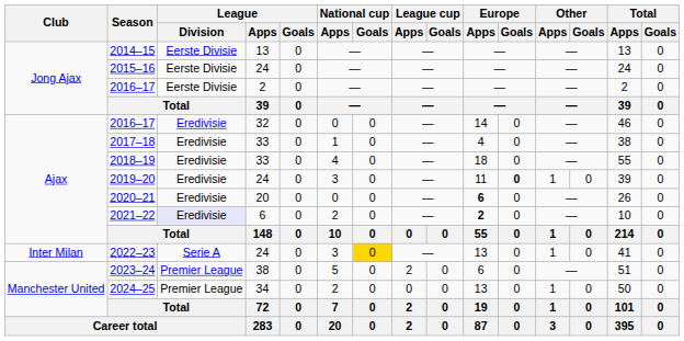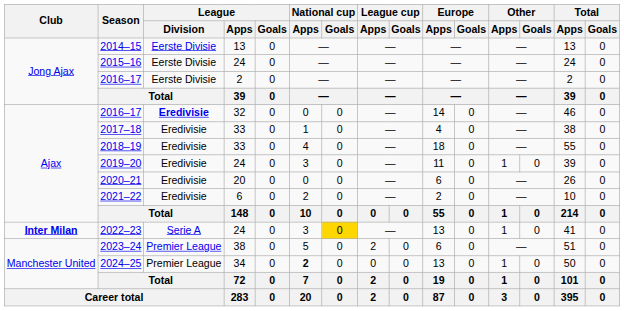 <table class="wikitable" style="text-align:center">
 <tr>
 <th rowspan="2">Club</th>
 <th rowspan="2">Season</th>
 <th colspan="3">League</th>
 <th colspan="2">National cup</th>
 <th colspan="2">League cup</th>
 <th colspan="2">Europe</th>
 <th colspan="2">Other</th>
 <th colspan="2">Total</th>
 </tr>
 <tr>
 <th>Division</th>
 <th>Apps</th>
 <th>Goals</th>
 <th>Apps</th>
 <th>Goals</th>
 <th>Apps</th>
 <th>Goals</th>
 <th>Apps</th>
 <th>Goals</th>
 <th>Apps</th>
 <th>Goals</th>
 <th>Apps</th>
 <th>Goals</th>
 </tr>
 <tr>
 <td rowspan="4"><a href='#'>Jong Ajax</a></td>
 <td><a href='#'>2014–15</a></td>
 <td><a href='#'>Eerste Divisie</a></td>
 <td>13</td>
 <td>0</td>
 <td colspan="2">—</td>
 <td colspan="2">—</td>
 <td colspan="2">—</td>
 <td colspan="2">—</td>
 <td>13</td>
 <td>0</td>
 </tr>
 <tr>
 <td><a href='#'>2015–16</a></td>
 <td>Eerste Divisie</td>
 <td>24</td>
 <td>0</td>
 <td colspan="2">—</td>
 <td colspan="2">—</td>
 <td colspan="2">—</td>
 <td colspan="2">—</td>
 <td>24</td>
 <td>0</td>
 </tr>
 <tr>
 <td><a href='#'>2016–17</a></td>
 <td>Eerste Divisie</td>
 <td>2</td>
 <td>0</td>
 <td colspan="2">—</td>
 <td colspan="2">—</td>
 <td colspan="2">—</td>
 <td colspan="2">—</td>
 <td>2</td>
 <td>0</td>
 </tr>
 <tr>
 <th colspan="2">Total</th>
 <th>39</th>
 <th>0</th>
 <th colspan="2">—</th>
 <th colspan="2">—</th>
 <th colspan="2">—</th>
 <th colspan="2">—</th>
 <th>39</th>
 <th>0</th>
 </tr>
 <tr>
 <td rowspan="7"><a href='#'>Ajax</a></td>
 <td><a href='#'>2016–17</a></td>
-<td><a href='#'>Eredivisie</a></td>
+<td><strong><a href='#'>Eredivisie</a></strong></td>
 <td>32</td>
 <td>0</td>
 <td>0</td>
 <td>0</td>
 <td colspan="2">—</td>
 <td>14</td>
 <td>0</td>
 <td colspan="2">—</td>
 <td>46</td>
 <td>0</td>
 </tr>
 <tr>
 <td><a href='#'>2017–18</a></td>
 <td>Eredivisie</td>
 <td>33</td>
 <td>0</td>
 <td>1</td>
 <td>0</td>
 <td colspan="2">—</td>
 <td>4</td>
 <td>0</td>
 <td colspan="2">—</td>
 <td>38</td>
 <td>0</td>
 </tr>
 <tr>
 <td><a href='#'>2018–19</a></td>
 <td>Eredivisie</td>
 <td>33</td>
 <td>0</td>
 <td>4</td>
 <td>0</td>
 <td colspan="2">—</td>
 <td>18</td>
 <td>0</td>
 <td colspan="2">—</td>
 <td>55</td>
 <td>0</td>
 </tr>
 <tr>
 <td><a href='#'>2019–20</a></td>
 <td>Eredivisie</td>
 <td>24</td>
 <td>0</td>
 <td>3</td>
 <td>0</td>
 <td colspan="2">—</td>
 <td>11</td>
-<td><strong>0</strong></td>
+<td>0</td>
 <td>1</td>
 <td>0</td>
 <td>39</td>
 <td>0</td>
 </tr>
 <tr>
 <td><a href='#'>2020–21</a></td>
 <td>Eredivisie</td>
 <td>20</td>
 <td>0</td>
 <td>0</td>
 <td>0</td>
 <td colspan="2">—</td>
-<td><strong>6</strong></td>
+<td>6</td>
 <td>0</td>
 <td colspan="2">—</td>
 <td>26</td>
 <td>0</td>
 </tr>
 <tr>
 <td><a href='#'>2021–22</a></td>
-<td style="background: lavender;">Eredivisie</td>
+<td>Eredivisie</td>
 <td>6</td>
 <td>0</td>
 <td>2</td>
 <td>0</td>
 <td colspan="2">—</td>
-<td><strong>2</strong></td>
+<td>2</td>
 <td>0</td>
 <td colspan="2">—</td>
 <td>10</td>
 <td>0</td>
 </tr>
 <tr>
 <th colspan="2">Total</th>
 <th>148</th>
 <th>0</th>
 <th>10</th>
 <th>0</th>
 <th>0</th>
 <th>0</th>
 <th>55</th>
 <th>0</th>
 <th>1</th>
 <th>0</th>
 <th>214</th>
 <th>0</th>
 </tr>
 <tr>
-<td><a href='#'>Inter Milan</a></td>
+<td><strong><a href='#'>Inter Milan</a></strong></td>
 <td><a href='#'>2022–23</a></td>
 <td><a href='#'>Serie A</a></td>
 <td>24</td>
 <td>0</td>
 <td>3</td>
 <td style="background: gold;">0</td>
 <td colspan="2">—</td>
 <td>13</td>
 <td>0</td>
 <td>1</td>
 <td>0</td>
 <td>41</td>
 <td>0</td>
 </tr>
 <tr>
 <td rowspan="3"><a href='#'>Manchester United</a></td>
 <td><a href='#'>2023–24</a></td>
 <td><a href='#'>Premier League</a></td>
 <td>38</td>
 <td>0</td>
 <td>5</td>
 <td>0</td>
 <td>2</td>
 <td>0</td>
 <td>6</td>
 <td>0</td>
 <td colspan="2">—</td>
 <td>51</td>
 <td>0</td>
 </tr>
 <tr>
 <td><a href='#'>2024–25</a></td>
 <td>Premier League</td>
 <td>34</td>
 <td>0</td>
-<td>2</td>
+<td><strong>2</strong></td>
 <td>0</td>
 <td>0</td>
 <td>0</td>
 <td>13</td>
 <td>0</td>
 <td>1</td>
 <td>0</td>
 <td>50</td>
 <td>0</td>
 </tr>
 <tr>
 <th colspan="2">Total</th>
 <th>72</th>
 <th>0</th>
 <th>7</th>
 <th>0</th>
 <th>2</th>
 <th>0</th>
 <th>19</th>
 <th>0</th>
 <th>1</th>
 <th>0</th>
 <th>101</th>
 <th>0</th>
 </tr>
 <tr>
 <th colspan="3">Career total</th>
 <th>283</th>
 <th>0</th>
 <th>20</th>
 <th>0</th>
 <th>2</th>
 <th>0</th>
 <th>87</th>
 <th>0</th>
 <th>3</th>
 <th>0</th>
 <th>395</th>
 <th>0</th>
 </tr>
 </table>
